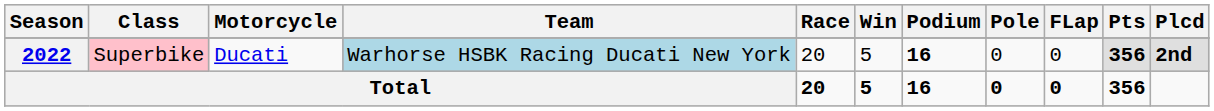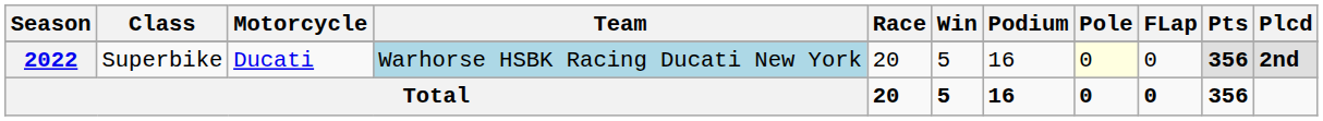 <table class="wikitable">
 <tr>
 <th>Season</th>
 <th>Class</th>
 <th>Motorcycle</th>
 <th>Team</th>
 <th>Race</th>
 <th>Win</th>
 <th>Podium</th>
 <th>Pole</th>
 <th>FLap</th>
 <th>Pts</th>
 <th>Plcd</th>
 </tr>
 <tr>
 </tr>
 <tr>
 <th><a href='#'>2022</a></th>
-<td style="background: pink;">Superbike</td>
+<td>Superbike</td>
 <td><a href='#'>Ducati</a></td>
 <td style="background: lightblue;">Warhorse HSBK Racing Ducati New York</td>
 <td>20</td>
 <td>5</td>
-<td><strong>16</strong></td>
-<td>0</td>
+<td>16</td>
+<td style="background: lightyellow;">0</td>
 <td>0</td>
 <td style="background:#dfdfdf;"><strong>356</strong></td>
 <td style="background:#dfdfdf;"><strong>2nd</strong></td>
 </tr>
 <tr>
 <th colspan="4">Total</th>
 <td><strong>20</strong></td>
 <td><strong>5</strong></td>
 <td><strong>16</strong></td>
 <td><strong>0</strong></td>
 <td><strong>0</strong></td>
 <td><strong>356</strong></td>
 <td></td>
 </tr>
 </table>
